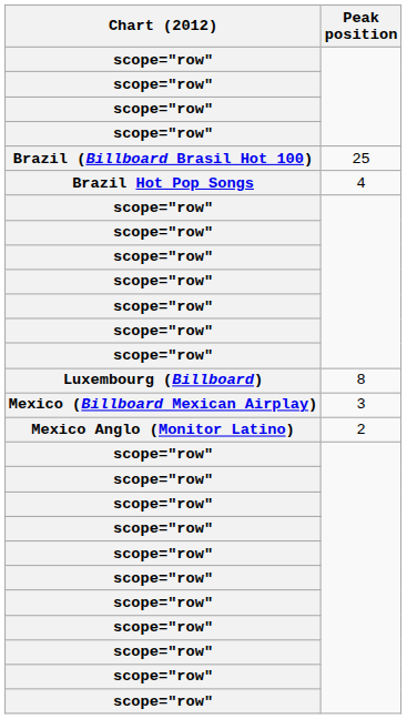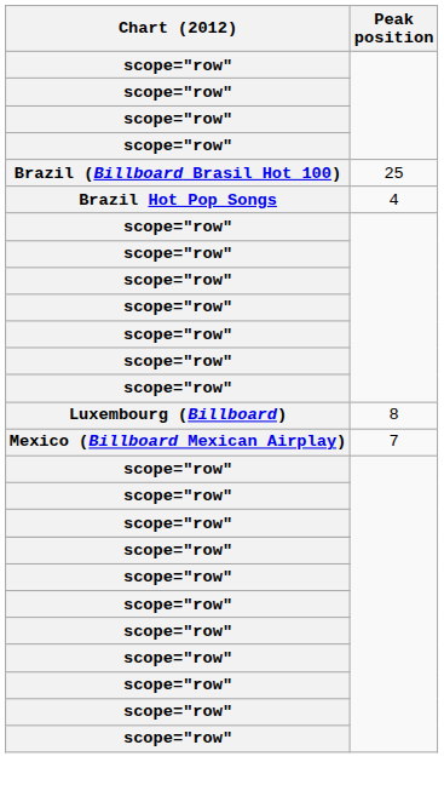 <table class="wikitable sortable plainrowheaders">
 <tr>
 <th scope="col">Chart (2012)</th>
 <th scope="col">Peak<br>position</th>
 </tr>
 <tr>
 <th>scope="row"</th>
 </tr>
 <tr>
 <th>scope="row"</th>
 </tr>
 <tr>
 <th>scope="row"</th>
 </tr>
 <tr>
 <th>scope="row"</th>
 </tr>
 <tr>
 <th scope="row">Brazil (<a href='#'><em>Billboard</em> Brasil Hot 100</a>)</th>
 <td style="text-align:center;">25</td>
 </tr>
 <tr>
 <th scope="row">Brazil <a href='#'>Hot Pop Songs</a></th>
 <td style="text-align:center;">4</td>
 </tr>
 <tr>
 <th>scope="row"</th>
 </tr>
 <tr>
 <th>scope="row"</th>
 </tr>
 <tr>
 <th>scope="row"</th>
 </tr>
 <tr>
 <th>scope="row"</th>
 </tr>
 <tr>
 <th>scope="row"</th>
 </tr>
 <tr>
 <th>scope="row"</th>
 </tr>
 <tr>
 <th>scope="row"</th>
 </tr>
 <tr>
 <th scope="row">Luxembourg (<em><a href='#'>Billboard</a></em>)</th>
 <td style="text-align:center;">8</td>
 </tr>
 <tr>
 <th scope="row">Mexico (<a href='#'><em>Billboard</em> Mexican Airplay</a>)</th>
-<td style="text-align:center;">3</td>
-</tr>
-<tr>
-<th scope="row">Mexico Anglo (<a href='#'>Monitor Latino</a>)</th>
-<td style="text-align:center;">2</td>
+<td style="text-align:center;">7</td>
 </tr>
 <tr>
 <th>scope="row"</th>
 </tr>
 <tr>
 <th>scope="row"</th>
 </tr>
 <tr>
 <th>scope="row"</th>
 </tr>
 <tr>
 </tr>
 <tr>
 <th>scope="row"</th>
 </tr>
 <tr>
 <th>scope="row"</th>
 </tr>
 <tr>
 <th>scope="row"</th>
 </tr>
 <tr>
 <th>scope="row"</th>
 </tr>
 <tr>
 <th>scope="row"</th>
 </tr>
 <tr>
 <th>scope="row"</th>
 </tr>
 <tr>
 <th>scope="row"</th>
 </tr>
 <tr>
 <th>scope="row"</th>
 </tr>
 </table>
